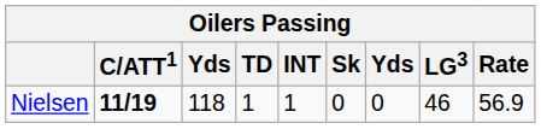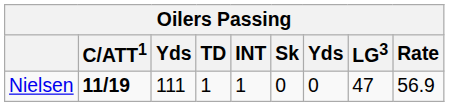 <table class="wikitable">
 <tr>
 <th colspan="9">Oilers Passing</th>
 </tr>
 <tr>
 <th></th>
 <th>C/ATT<sup>1</sup></th>
 <th>Yds</th>
 <th>TD</th>
 <th>INT</th>
 <th>Sk</th>
 <th>Yds</th>
 <th>LG<sup>3</sup></th>
 <th>Rate</th>
 </tr>
 <tr>
 <td><a href='#'>Nielsen</a></td>
 <td><strong>11/19</strong></td>
-<td>118</td>
+<td>111</td>
 <td>1</td>
 <td>1</td>
 <td>0</td>
 <td>0</td>
-<td>46</td>
+<td>47</td>
 <td>56.9</td>
 </tr>
 </table>
